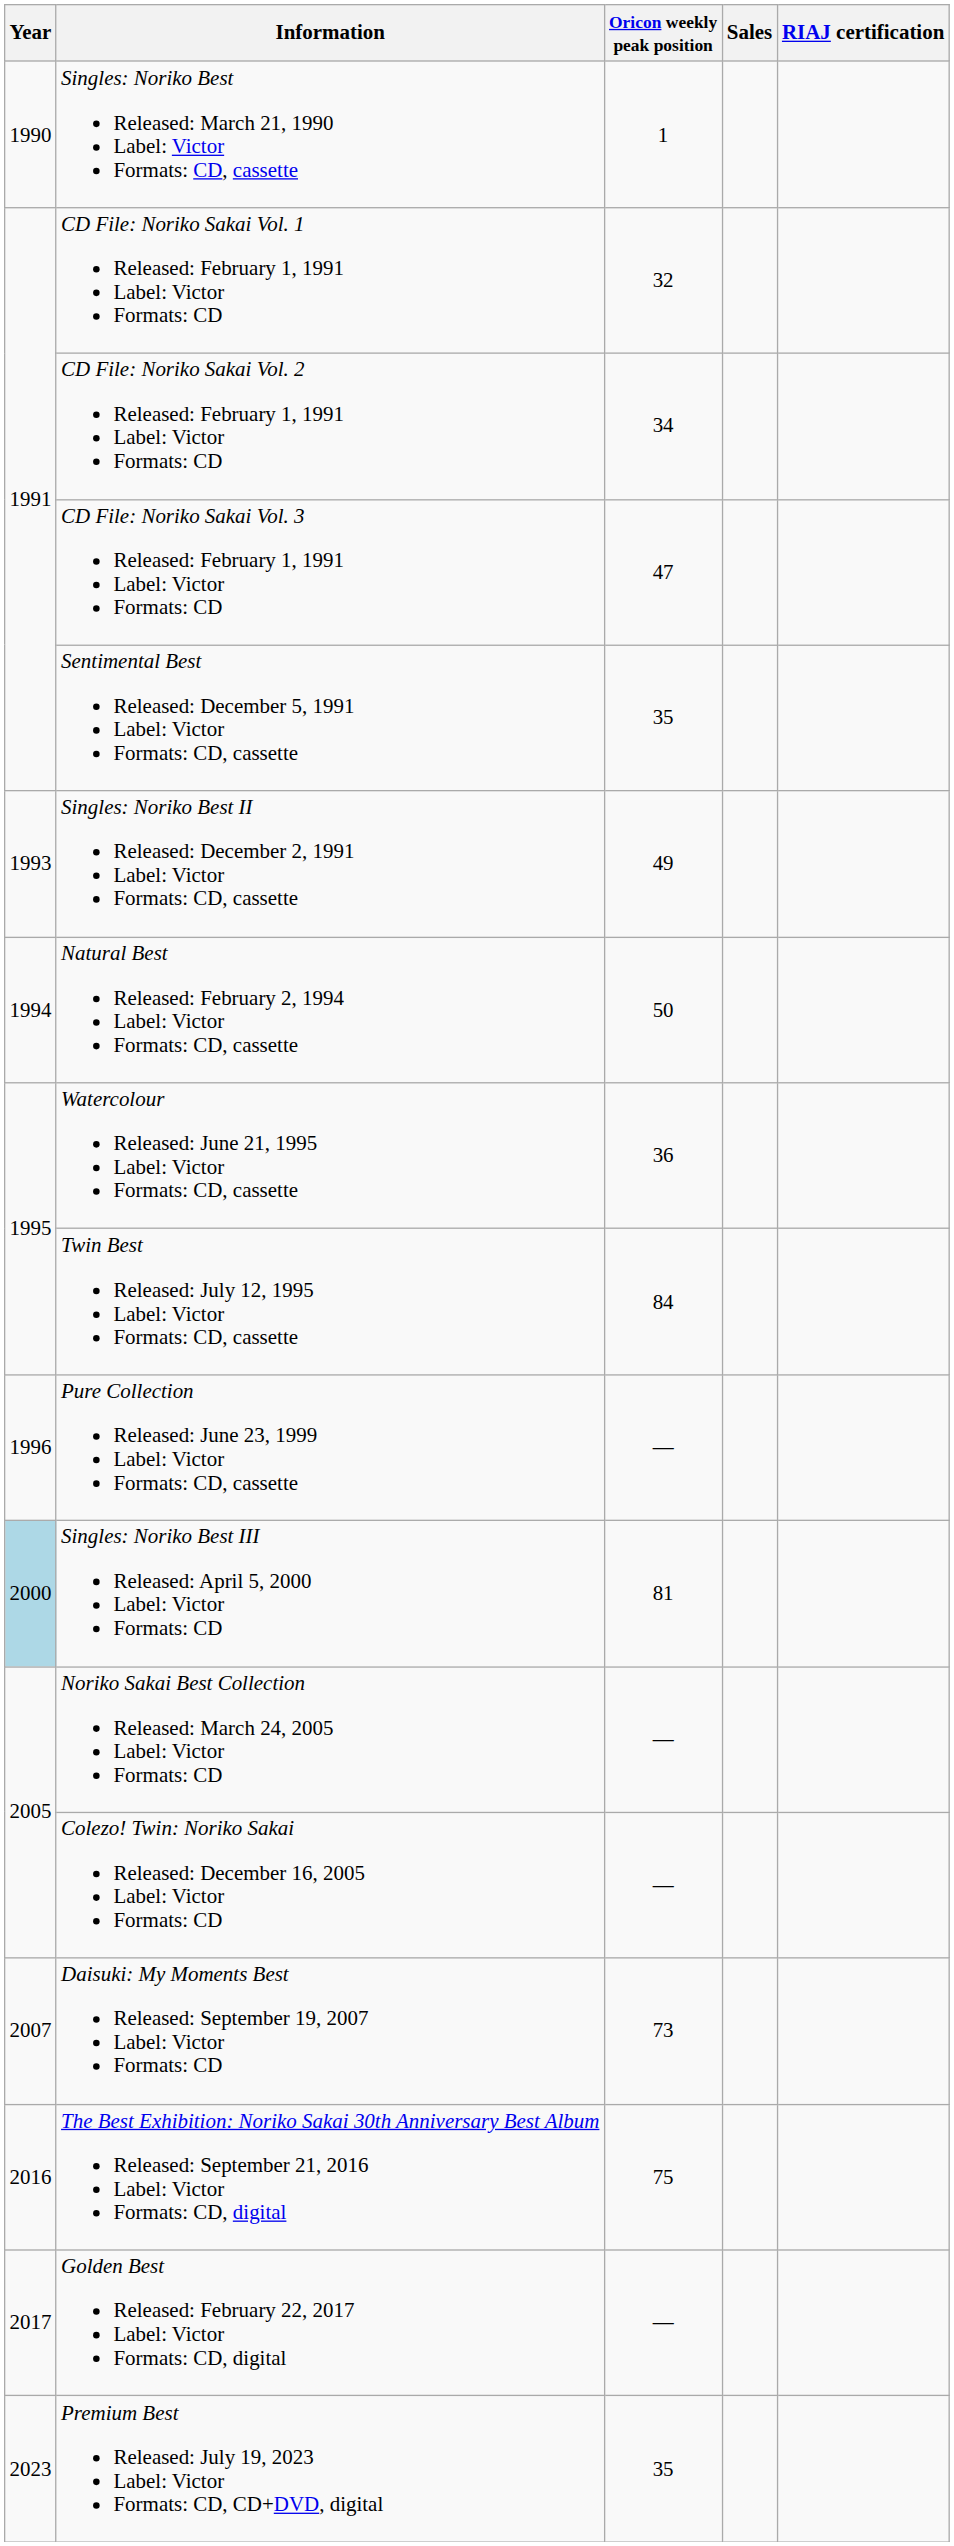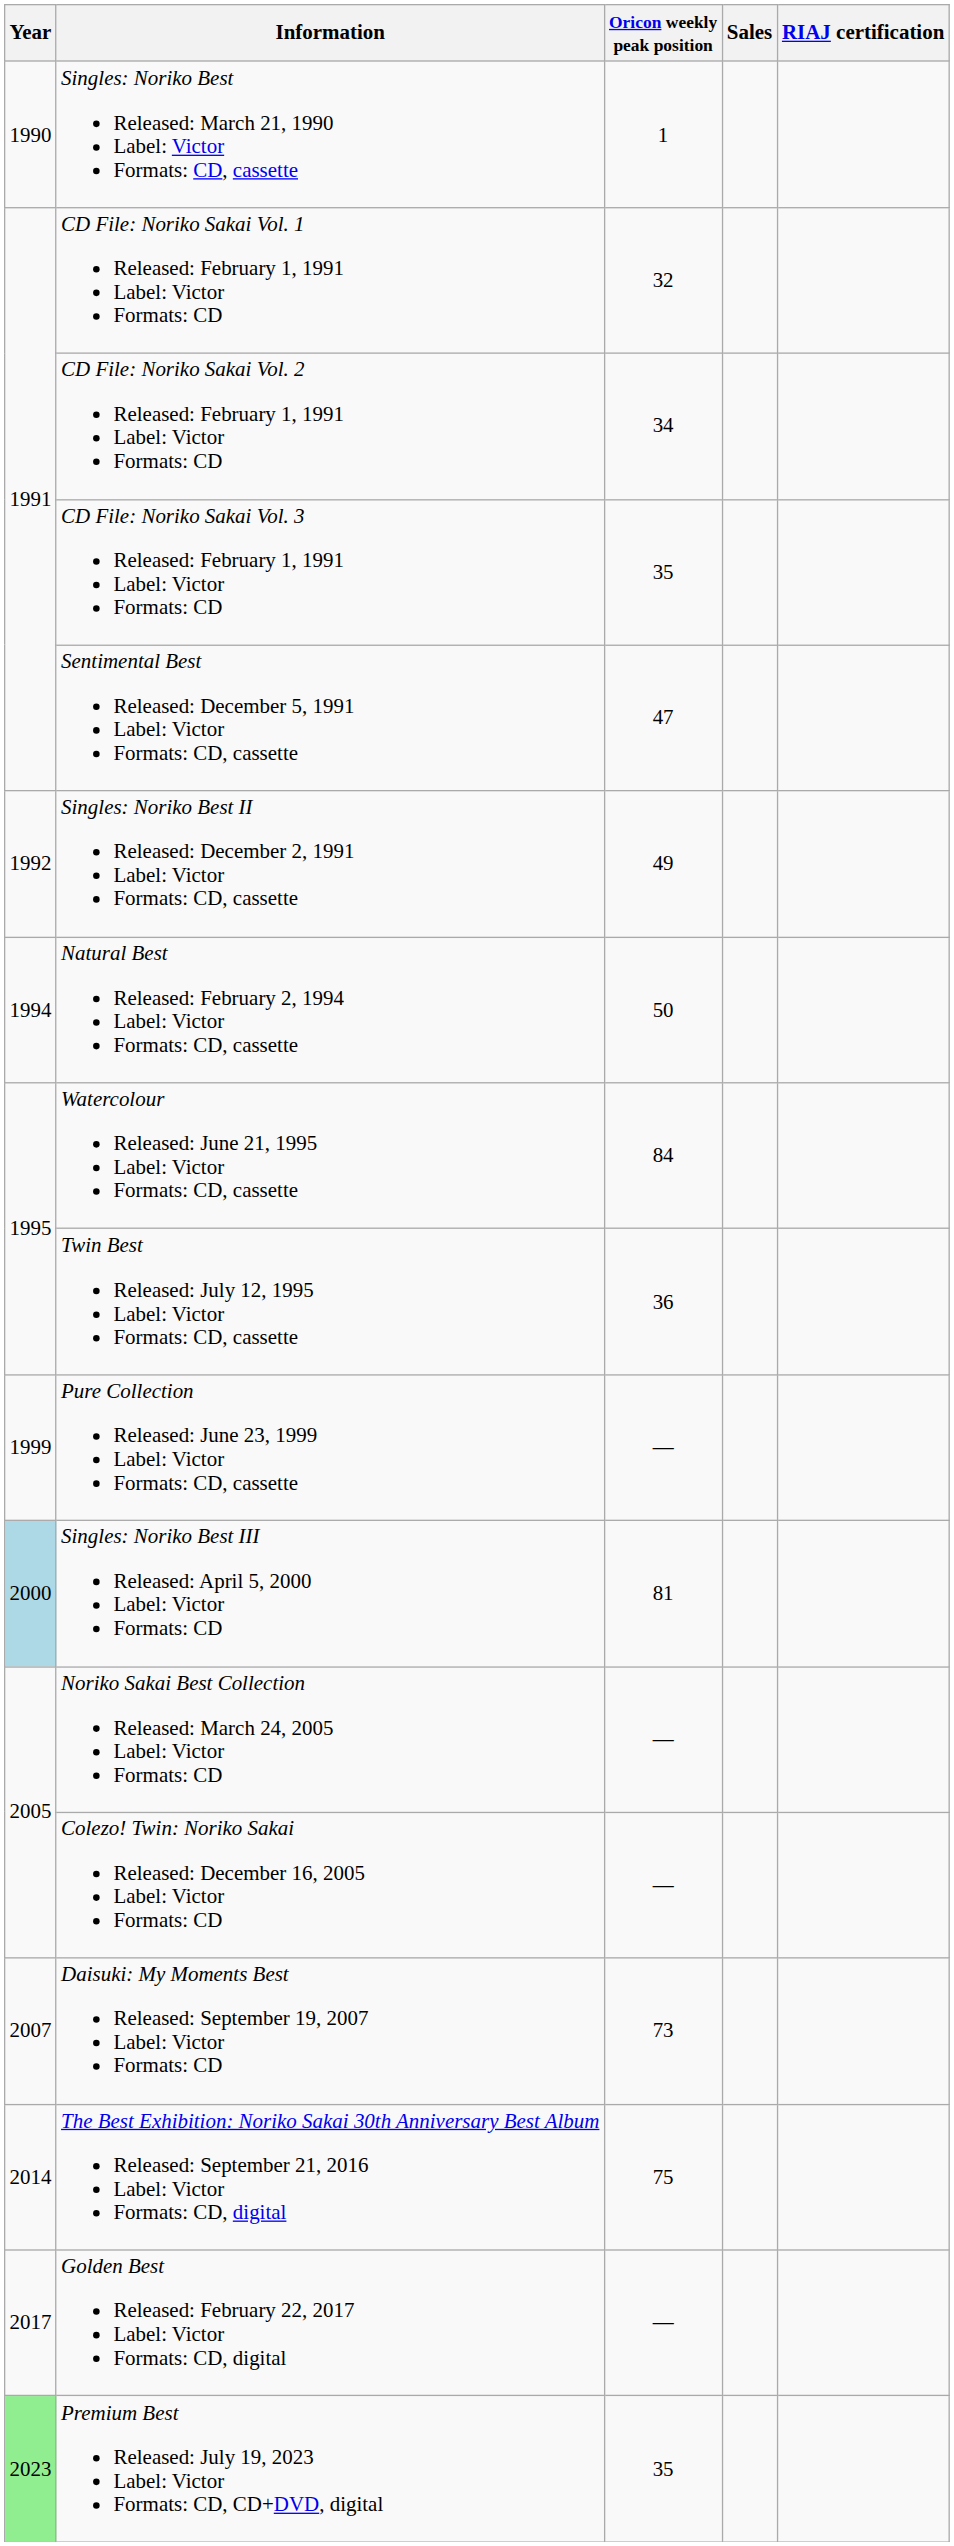 <table class="wikitable">
 <tr>
 <th>Year</th>
 <th>Information</th>
 <th><small><a href='#'>Oricon</a> weekly<br>peak position</small></th>
 <th>Sales</th>
 <th><a href='#'>RIAJ</a> certification</th>
 </tr>
 <tr>
 <td>1990</td>
 <td><em>Singles: Noriko Best</em><br><ul><li>Released: March 21, 1990</li><li>Label: <a href='#'>Victor</a></li><li>Formats: <a href='#'>CD</a>, <a href='#'>cassette</a></li></ul></td>
 <td style="text-align:center;">1</td>
 <td align="left"></td>
 <td align="left"></td>
 </tr>
 <tr>
 <td rowspan="4">1991</td>
 <td><em>CD File: Noriko Sakai Vol. 1</em><br><ul><li>Released: February 1, 1991</li><li>Label: Victor</li><li>Formats: CD</li></ul></td>
 <td style="text-align:center;">32</td>
 <td align="left"></td>
 <td align="left"></td>
 </tr>
 <tr>
 <td><em>CD File: Noriko Sakai Vol. 2</em><br><ul><li>Released: February 1, 1991</li><li>Label: Victor</li><li>Formats: CD</li></ul></td>
 <td style="text-align:center;">34</td>
 <td align="left"></td>
 <td align="left"></td>
 </tr>
 <tr>
 <td><em>CD File: Noriko Sakai Vol. 3</em><br><ul><li>Released: February 1, 1991</li><li>Label: Victor</li><li>Formats: CD</li></ul></td>
+<td style="text-align:center;">35</td>
+<td align="left"></td>
+<td align="left"></td>
+</tr>
+<tr>
+<td><em>Sentimental Best</em><br><ul><li>Released: December 5, 1991</li><li>Label: Victor</li><li>Formats: CD, cassette</li></ul></td>
 <td style="text-align:center;">47</td>
 <td align="left"></td>
 <td align="left"></td>
 </tr>
 <tr>
-<td><em>Sentimental Best</em><br><ul><li>Released: December 5, 1991</li><li>Label: Victor</li><li>Formats: CD, cassette</li></ul></td>
-<td style="text-align:center;">35</td>
-<td align="left"></td>
-<td align="left"></td>
-</tr>
-<tr>
-<td>1993</td>
+<td>1992</td>
 <td><em>Singles: Noriko Best II</em><br><ul><li>Released: December 2, 1991</li><li>Label: Victor</li><li>Formats: CD, cassette</li></ul></td>
 <td style="text-align:center;">49</td>
 <td align="left"></td>
 <td align="left"></td>
 </tr>
 <tr>
 <td>1994</td>
 <td><em>Natural Best</em><br><ul><li>Released: February 2, 1994</li><li>Label: Victor</li><li>Formats: CD, cassette</li></ul></td>
 <td style="text-align:center;">50</td>
 <td align="left"></td>
 <td align="left"></td>
 </tr>
 <tr>
 <td rowspan="2">1995</td>
 <td><em>Watercolour</em><br><ul><li>Released: June 21, 1995</li><li>Label: Victor</li><li>Formats: CD, cassette</li></ul></td>
+<td style="text-align:center;">84</td>
+<td align="left"></td>
+<td align="left"></td>
+</tr>
+<tr>
+<td><em>Twin Best</em><br><ul><li>Released: July 12, 1995</li><li>Label: Victor</li><li>Formats: CD, cassette</li></ul></td>
 <td style="text-align:center;">36</td>
 <td align="left"></td>
 <td align="left"></td>
 </tr>
 <tr>
-<td><em>Twin Best</em><br><ul><li>Released: July 12, 1995</li><li>Label: Victor</li><li>Formats: CD, cassette</li></ul></td>
-<td style="text-align:center;">84</td>
-<td align="left"></td>
-<td align="left"></td>
-</tr>
-<tr>
-<td>1996</td>
+<td>1999</td>
 <td><em>Pure Collection</em><br><ul><li>Released: June 23, 1999</li><li>Label: Victor</li><li>Formats: CD, cassette</li></ul></td>
 <td style="text-align:center;">—</td>
 <td align="left"></td>
 <td align="left"></td>
 </tr>
 <tr>
 <td style="background: lightblue;">2000</td>
 <td><em>Singles: Noriko Best III</em><br><ul><li>Released: April 5, 2000</li><li>Label: Victor</li><li>Formats: CD</li></ul></td>
 <td style="text-align:center;">81</td>
 <td align="left"></td>
 <td align="left"></td>
 </tr>
 <tr>
 <td rowspan="2">2005</td>
 <td><em>Noriko Sakai Best Collection</em><br><ul><li>Released: March 24, 2005</li><li>Label: Victor</li><li>Formats: CD</li></ul></td>
 <td style="text-align:center;">—</td>
 <td align="left"></td>
 <td align="left"></td>
 </tr>
 <tr>
 <td><em>Colezo! Twin: Noriko Sakai</em><br><ul><li>Released: December 16, 2005</li><li>Label: Victor</li><li>Formats: CD</li></ul></td>
 <td style="text-align:center;">—</td>
 <td align="left"></td>
 <td align="left"></td>
 </tr>
 <tr>
 <td>2007</td>
 <td><em>Daisuki: My Moments Best</em><br><ul><li>Released: September 19, 2007</li><li>Label: Victor</li><li>Formats: CD</li></ul></td>
 <td style="text-align:center;">73</td>
 <td align="left"></td>
 <td align="left"></td>
 </tr>
 <tr>
-<td>2016</td>
+<td>2014</td>
 <td><em><a href='#'>The Best Exhibition: Noriko Sakai 30th Anniversary Best Album</a></em><br><ul><li>Released: September 21, 2016</li><li>Label: Victor</li><li>Formats: CD, <a href='#'>digital</a></li></ul></td>
 <td style="text-align:center;">75</td>
 <td align="left"></td>
 <td align="left"></td>
 </tr>
 <tr>
 <td>2017</td>
 <td><em>Golden Best</em><br><ul><li>Released: February 22, 2017</li><li>Label: Victor</li><li>Formats: CD, digital</li></ul></td>
 <td style="text-align:center;">—</td>
 <td align="left"></td>
 <td align="left"></td>
 </tr>
 <tr>
-<td>2023</td>
+<td style="background: lightgreen;">2023</td>
 <td><em>Premium Best</em><br><ul><li>Released: July 19, 2023</li><li>Label: Victor</li><li>Formats: CD, CD+<a href='#'>DVD</a>, digital</li></ul></td>
 <td style="text-align:center;">35</td>
 <td align="left"></td>
 <td align="left"></td>
 </tr>
 </table>
